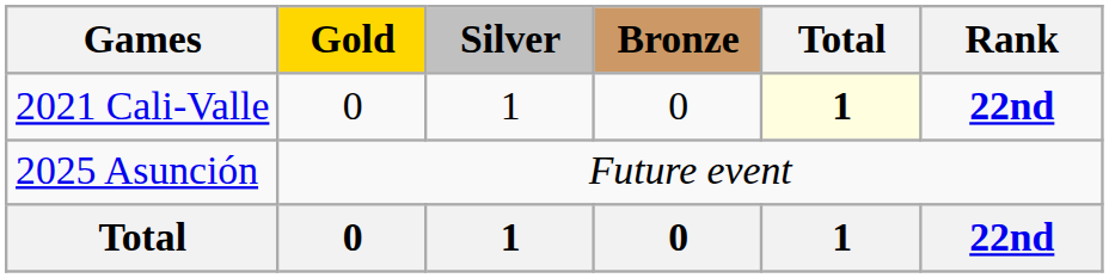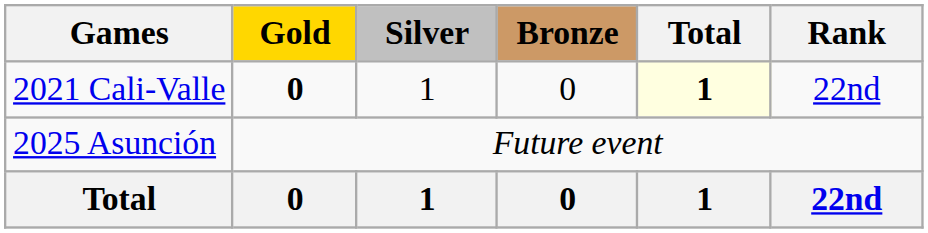 <table class="wikitable" style="text-align:center; font-size:90%;">
 <tr>
 <th>Games</th>
 <td style="background:gold; width:3.2em; font-weight:bold;">Gold</td>
 <td style="background:silver; width:3.7em; font-weight:bold;">Silver</td>
 <td style="background:#c96; width:3.7em; font-weight:bold;">Bronze</td>
 <th style="width:3.5em; font-weight:bold;">Total</th>
 <th style="width:4em; font-weight:bold;">Rank</th>
 </tr>
 <tr>
 <td align=left> <a href='#'>2021 Cali-Valle</a></td>
-<td>0</td>
+<td><strong>0</strong></td>
 <td>1</td>
 <td>0</td>
 <td style="background: lightyellow;"><strong>1</strong></td>
-<td><strong><a href='#'>22nd</a></strong></td>
+<td><a href='#'>22nd</a></td>
 </tr>
 <tr>
 <td align=left> <a href='#'>2025 Asunción</a></td>
 <td colspan="5"><em>Future event</em></td>
 </tr>
 <tr>
 <th>Total</th>
 <th>0</th>
 <th>1</th>
 <th>0</th>
 <th>1</th>
 <th><a href='#'>22nd</a></th>
 </tr>
 </table>
